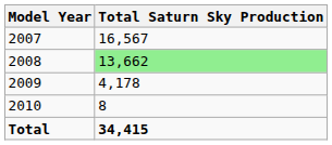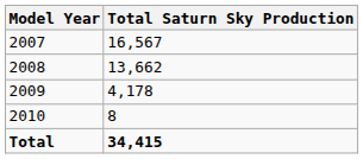 <table class="wikitable">
 <tr>
 <th>Model Year</th>
 <th>Total Saturn Sky Production</th>
 </tr>
 <tr>
 <td>2007</td>
 <td>16,567</td>
 </tr>
 <tr>
 <td>2008</td>
-<td style="background: lightgreen;">13,662</td>
+<td>13,662</td>
 </tr>
 <tr>
 <td>2009</td>
 <td>4,178</td>
 </tr>
 <tr>
 <td>2010</td>
 <td>8</td>
 </tr>
 <tr>
 <td><strong> Total</strong></td>
 <td><strong>34,415</strong></td>
 </tr>
 </table>
